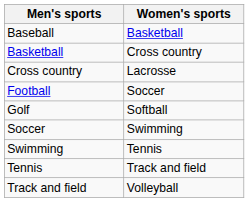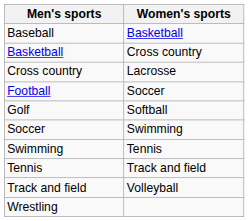 <table class="wikitable"; style= "text-align: ">
 <tr>
 <th width=150px>Men's sports</th>
 <th width=150px>Women's sports</th>
 </tr>
 <tr>
 <td>Baseball</td>
 <td><a href='#'>Basketball</a></td>
 </tr>
 <tr>
 <td><a href='#'>Basketball</a></td>
 <td>Cross country</td>
 </tr>
 <tr>
 <td>Cross country</td>
 <td>Lacrosse</td>
 </tr>
 <tr>
 <td><a href='#'>Football</a></td>
 <td>Soccer</td>
 </tr>
 <tr>
 <td>Golf</td>
 <td>Softball</td>
 </tr>
 <tr>
 <td>Soccer</td>
 <td>Swimming</td>
 </tr>
 <tr>
 <td>Swimming</td>
 <td>Tennis</td>
 </tr>
 <tr>
 <td>Tennis</td>
 <td>Track and field</td>
 </tr>
 <tr>
 <td>Track and field</td>
 <td>Volleyball</td>
 </tr>
+<tr>
+<td>Wrestling</td>
+<td></td>
+</tr>
 </table>
